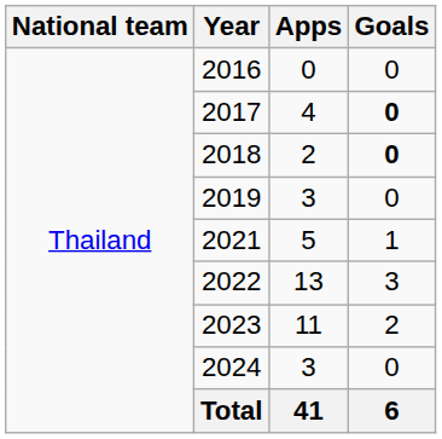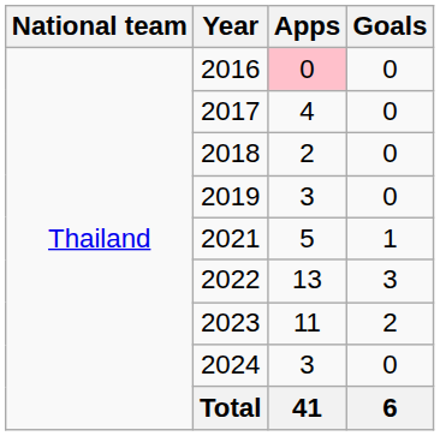 <table class="wikitable" style="text-align:center">
 <tr>
 <th>National team</th>
 <th>Year</th>
 <th>Apps</th>
 <th>Goals</th>
 </tr>
 <tr>
 <td rowspan="9" valign="center"><a href='#'>Thailand</a></td>
 <td>2016</td>
-<td>0</td>
+<td style="background: pink;">0</td>
 <td>0</td>
 </tr>
 <tr>
 <td>2017</td>
 <td>4</td>
-<td><strong>0</strong></td>
+<td>0</td>
 </tr>
 <tr>
 <td>2018</td>
 <td>2</td>
-<td><strong>0</strong></td>
+<td>0</td>
 </tr>
 <tr>
 <td>2019</td>
 <td>3</td>
 <td>0</td>
 </tr>
 <tr>
 <td>2021</td>
 <td>5</td>
 <td>1</td>
 </tr>
 <tr>
 <td>2022</td>
 <td>13</td>
 <td>3</td>
 </tr>
 <tr>
 <td>2023</td>
 <td>11</td>
 <td>2</td>
 </tr>
 <tr>
 <td>2024</td>
 <td>3</td>
 <td>0</td>
 </tr>
 <tr>
 <th>Total</th>
 <th>41</th>
 <th>6</th>
 </tr>
 </table>
